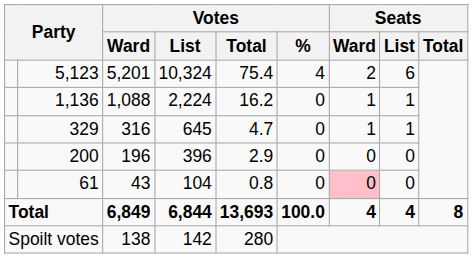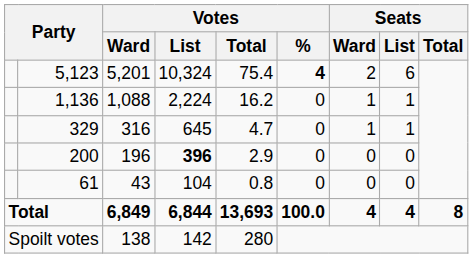 <table class=wikitable style="text-align:right">
 <tr>
 <th rowspan="2" colspan="2">Party</th>
 <th colspan="4" align="center">Votes</th>
 <th colspan="3" align="center">Seats</th>
 </tr>
 <tr>
 <th>Ward</th>
 <th>List</th>
 <th>Total</th>
 <th>%</th>
 <th>Ward</th>
 <th>List</th>
 <th>Total</th>
 </tr>
 <tr>
 <td></td>
 <td>5,123</td>
 <td>5,201</td>
 <td>10,324</td>
 <td>75.4</td>
-<td>4</td>
+<td><strong>4</strong></td>
 <td>2</td>
 <td>6</td>
 </tr>
 <tr>
 <td></td>
 <td>1,136</td>
 <td>1,088</td>
 <td>2,224</td>
 <td>16.2</td>
 <td>0</td>
 <td>1</td>
 <td>1</td>
 </tr>
 <tr>
 <td></td>
 <td>329</td>
 <td>316</td>
 <td>645</td>
 <td>4.7</td>
 <td>0</td>
 <td>1</td>
 <td>1</td>
 </tr>
 <tr>
 <td></td>
 <td>200</td>
 <td>196</td>
-<td>396</td>
+<td><strong>396</strong></td>
 <td>2.9</td>
 <td>0</td>
 <td>0</td>
 <td>0</td>
 </tr>
 <tr>
 <td></td>
 <td>61</td>
 <td>43</td>
 <td>104</td>
 <td>0.8</td>
 <td>0</td>
-<td style="background: pink;">0</td>
+<td>0</td>
 <td>0</td>
 </tr>
 <tr>
 <td colspan="2" style="text-align:left"><strong>Total</strong></td>
 <td><strong>6,849</strong></td>
 <td><strong>6,844</strong></td>
 <td><strong>13,693</strong></td>
 <td><strong>100.0</strong></td>
 <td><strong>4</strong></td>
 <td><strong>4</strong></td>
 <td><strong>8</strong></td>
 </tr>
 <tr>
 <td colspan="2" style="text-align:left">Spoilt votes</td>
 <td>138</td>
 <td>142</td>
 <td>280</td>
 </tr>
 </table>
